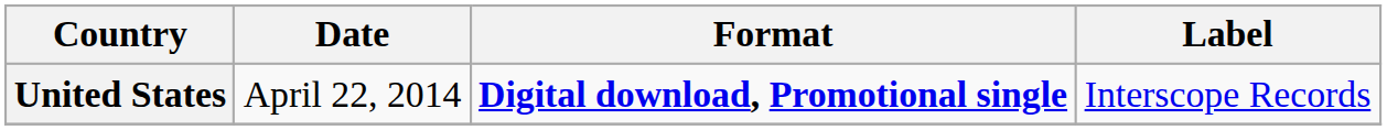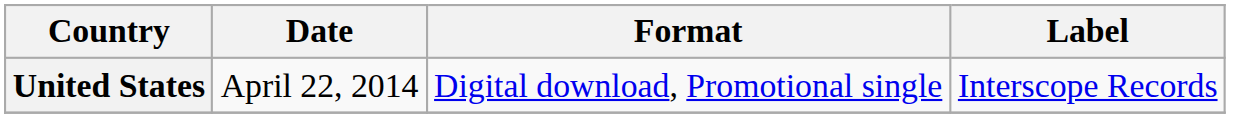 <table class="wikitable plainrowheaders">
 <tr>
 <th scope="col">Country</th>
 <th scope="col">Date</th>
 <th scope="col">Format</th>
 <th scope="col">Label</th>
 </tr>
 <tr>
 <th scope="row">United States</th>
 <td>April 22, 2014</td>
-<td><strong><a href='#'>Digital download</a>, <a href='#'>Promotional single</a></strong></td>
+<td><a href='#'>Digital download</a>, <a href='#'>Promotional single</a></td>
 <td><a href='#'>Interscope Records</a></td>
 </tr>
 <tr>
 </tr>
 </table>
